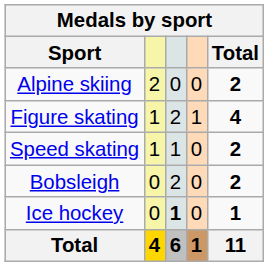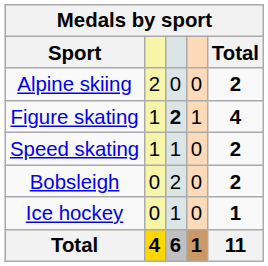 <table class=wikitable style=font-size:85%;float:right;text-align:center>
 <tr>
 <th colspan=5>Medals by sport</th>
 </tr>
 <tr>
 <th>Sport</th>
 <td bgcolor=F7F6A8></td>
 <td bgcolor=DCE5E5></td>
 <td bgcolor=FFDAB9></td>
 <th>Total</th>
 </tr>
 <tr>
 <td><a href='#'>Alpine skiing</a></td>
 <td bgcolor=F7F6A8>2</td>
 <td bgcolor=DCE5E5>0</td>
 <td bgcolor=FFDAB9>0</td>
 <td><strong>2</strong></td>
 </tr>
 <tr>
 <td><a href='#'>Figure skating</a></td>
 <td bgcolor=F7F6A8>1</td>
-<td bgcolor=DCE5E5>2</td>
+<td bgcolor=DCE5E5><strong>2</strong></td>
 <td bgcolor=FFDAB9>1</td>
 <td><strong>4</strong></td>
 </tr>
 <tr>
 <td><a href='#'>Speed skating</a></td>
 <td bgcolor=F7F6A8>1</td>
 <td bgcolor=DCE5E5>1</td>
 <td bgcolor=FFDAB9>0</td>
 <td><strong>2</strong></td>
 </tr>
 <tr>
 <td><a href='#'>Bobsleigh</a></td>
 <td bgcolor=F7F6A8>0</td>
 <td bgcolor=DCE5E5>2</td>
 <td bgcolor=FFDAB9>0</td>
 <td><strong>2</strong></td>
 </tr>
 <tr>
 <td><a href='#'>Ice hockey</a></td>
 <td bgcolor=F7F6A8>0</td>
-<td bgcolor=DCE5E5><strong>1</strong></td>
+<td bgcolor=DCE5E5>1</td>
 <td bgcolor=FFDAB9>0</td>
 <td><strong>1</strong></td>
 </tr>
 <tr>
 <th>Total</th>
 <th style=background:gold>4</th>
 <th style=background:silver>6</th>
 <th style=background:#c96>1</th>
 <th>11</th>
 </tr>
 </table>
